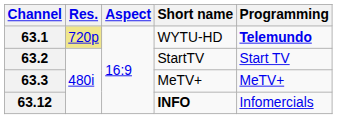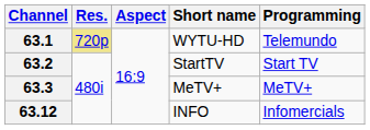 <table class="wikitable">
 <tr>
 <th scope = "col"><a href='#'>Channel</a></th>
 <th scope = "col"><a href='#'>Res.</a></th>
 <th scope = "col"><a href='#'>Aspect</a></th>
 <th scope = "col">Short name</th>
 <th scope = "col">Programming</th>
 </tr>
 <tr>
 <th scope = "row">63.1</th>
 <td style="background: khaki;"><a href='#'>720p</a></td>
 <td rowspan=4><a href='#'>16:9</a></td>
 <td>WYTU-HD</td>
-<td><strong><a href='#'>Telemundo</a></strong></td>
+<td><a href='#'>Telemundo</a></td>
 </tr>
 <tr>
 <th scope = "row">63.2</th>
 <td rowspan=3><a href='#'>480i</a></td>
 <td>StartTV</td>
 <td><a href='#'>Start TV</a></td>
 </tr>
 <tr>
 <th scope = "row">63.3</th>
 <td>MeTV+</td>
 <td><a href='#'>MeTV+</a></td>
 </tr>
 <tr>
 <th scope = "row">63.12</th>
-<td><strong>INFO</strong></td>
+<td>INFO</td>
 <td><a href='#'>Infomercials</a></td>
 </tr>
 </table>
